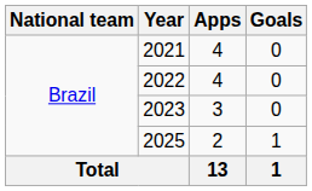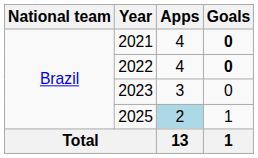 <table class="wikitable" style="text-align:center">
 <tr>
 <th>National team</th>
 <th>Year</th>
 <th>Apps</th>
 <th>Goals</th>
 </tr>
 <tr>
 <td rowspan="4"><a href='#'>Brazil</a></td>
 <td>2021</td>
 <td>4</td>
-<td>0</td>
+<td><strong>0</strong></td>
 </tr>
 <tr>
 <td>2022</td>
 <td>4</td>
-<td>0</td>
+<td><strong>0</strong></td>
 </tr>
 <tr>
 <td>2023</td>
 <td>3</td>
 <td>0</td>
 </tr>
 <tr>
 <td>2025</td>
-<td>2</td>
+<td style="background: lightblue;">2</td>
 <td>1</td>
 </tr>
 <tr>
 <th colspan="2">Total</th>
 <th>13</th>
 <th>1</th>
 </tr>
 </table>
